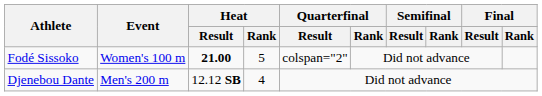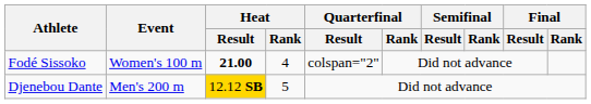 <table class="wikitable" style="font-size:90%">
 <tr>
 <th rowspan="2">Athlete</th>
 <th rowspan="2">Event</th>
 <th colspan="2">Heat</th>
 <th colspan="2">Quarterfinal</th>
 <th colspan="2">Semifinal</th>
 <th colspan="2">Final</th>
 </tr>
 <tr style="font-size:95%">
 <th>Result</th>
 <th>Rank</th>
 <th>Result</th>
 <th>Rank</th>
 <th>Result</th>
 <th>Rank</th>
 <th>Result</th>
 <th>Rank</th>
 </tr>
 <tr align=center>
 <td align=left><a href='#'>Fodé Sissoko</a></td>
 <td align=left><a href='#'>Women's 100 m</a></td>
 <td><strong>21.00</strong></td>
-<td>5</td>
+<td>4</td>
 <td>colspan="2" </td>
 <td colspan="4">Did not advance</td>
 </tr>
 <tr align=center>
 <td align=left><a href='#'>Djenebou Dante</a></td>
 <td align=left><a href='#'>Men's 200 m</a></td>
-<td>12.12 <strong>SB</strong></td>
-<td>4</td>
+<td style="background: gold;">12.12 <strong>SB</strong></td>
+<td>5</td>
 <td colspan=6>Did not advance</td>
 </tr>
 </table>
